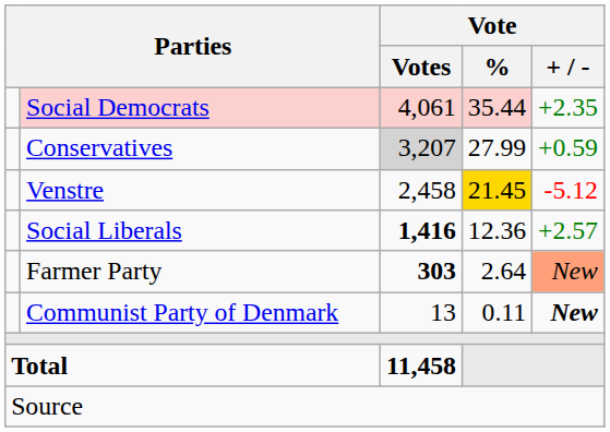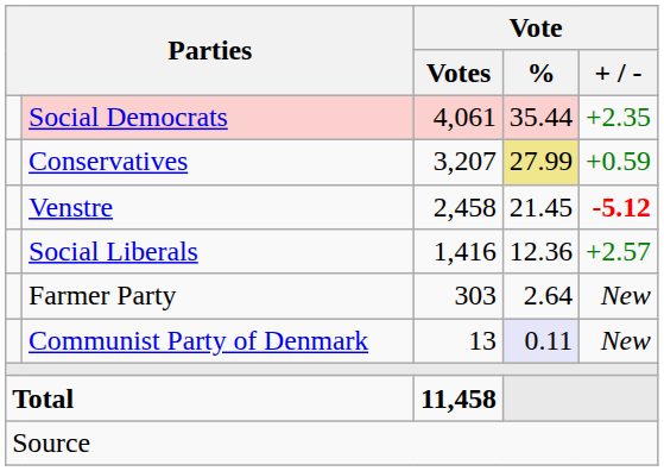 <table class="wikitable" style="text-align:right;">
 <tr>
 <th style="text-align:centre;" rowspan="2" colspan="2" width="225">Parties</th>
 <th colspan="3">Vote</th>
 </tr>
 <tr>
 <th width="15">Votes</th>
 <th width="15">%</th>
 <th width="15">+ / -</th>
 </tr>
 <tr>
 <td width="2" style="color:inherit;background:"></td>
 <td bgcolor=#fbd0ce  align="left"><a href='#'>Social Democrats</a></td>
 <td bgcolor=#fbd0ce>4,061</td>
 <td bgcolor=#fbd0ce>35.44</td>
 <td style=color:green;>+2.35</td>
 </tr>
 <tr>
 <td width="2" style="color:inherit;background:"></td>
 <td align="left"><a href='#'>Conservatives</a></td>
-<td style="background: lightgrey;">3,207</td>
-<td>27.99</td>
+<td>3,207</td>
+<td style="background: khaki;">27.99</td>
 <td style=color:green;>+0.59</td>
 </tr>
 <tr>
 <td width="2" style="color:inherit;background:"></td>
 <td align="left"><a href='#'>Venstre</a></td>
 <td>2,458</td>
-<td style="background: gold;">21.45</td>
-<td style=color:red;>-5.12</td>
+<td>21.45</td>
+<td style=color:red;><strong>-5.12</strong></td>
 </tr>
 <tr>
 <td width="2" style="color:inherit;background:"></td>
 <td align="left"><a href='#'>Social Liberals</a></td>
-<td><strong>1,416</strong></td>
+<td>1,416</td>
 <td>12.36</td>
 <td style=color:green;>+2.57</td>
 </tr>
 <tr>
 <td width="2" style="color:inherit;background:"></td>
 <td align="left">Farmer Party</td>
-<td><strong>303</strong></td>
+<td>303</td>
 <td>2.64</td>
-<td style="background: lightsalmon;"><em>New</em></td>
+<td><em>New</em></td>
 </tr>
 <tr>
 <td width="2" style="color:inherit;background:"></td>
 <td align="left"><a href='#'>Communist Party of Denmark</a></td>
 <td>13</td>
-<td>0.11</td>
-<td><strong><em>New</em></strong></td>
+<td style="background: lavender;">0.11</td>
+<td><em>New</em></td>
 </tr>
 <tr>
 <td colspan="7" bgcolor="#E9E9E9"></td>
 </tr>
 <tr>
 <td align="left" colspan="2"><strong>Total</strong></td>
 <td><strong>11,458</strong></td>
 <td bgcolor="#E9E9E9" colspan="2"></td>
 </tr>
 <tr>
 <td align="left" colspan="6">Source</td>
 </tr>
 </table>
